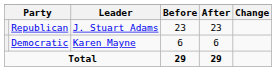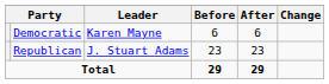 <table class="wikitable" style="text-align:center;">
 <tr>
 </tr>
 <tr>
 <th colspan=2>Party</th>
 <th>Leader</th>
 <th style="width:3em">Before</th>
 <th style="width:3em">After</th>
 <th style="width:3em">Change</th>
 </tr>
 <tr>
 <th style="background-color:"></th>
+<td style="text-align:left;"><a href='#'>Democratic</a></td>
+<td style="text-align:left;"><a href='#'>Karen Mayne</a></td>
+<td>6</td>
+<td>6</td>
+<td></td>
+</tr>
+<tr>
+<th style="background-color:"></th>
 <td style="text-align:left;"><a href='#'>Republican</a></td>
 <td style="text-align:left;"><a href='#'>J. Stuart Adams</a></td>
 <td>23</td>
 <td>23</td>
-<td></td>
-</tr>
-<tr>
-<th style="background-color:"></th>
-<td style="text-align:left;"><a href='#'>Democratic</a></td>
-<td style="text-align:left;"><a href='#'>Karen Mayne</a></td>
-<td>6</td>
-<td>6</td>
 <td></td>
 </tr>
 <tr>
 <td colspan=3><strong>Total</strong></td>
 <td><strong>29</strong></td>
 <td><strong>29</strong></td>
 <td></td>
 </tr>
 </table>
